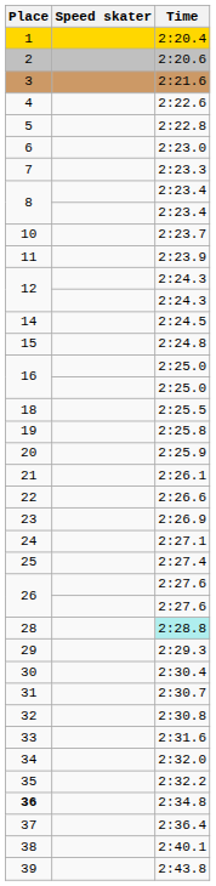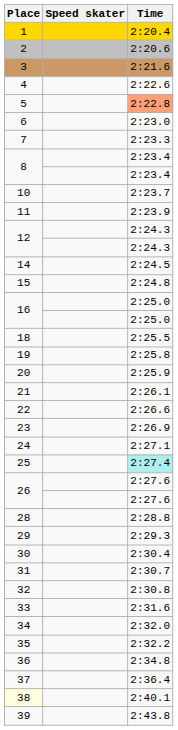 <table class="wikitable" style="text-align:center">
 <tr>
 <th>Place</th>
 <th>Speed skater</th>
 <th>Time</th>
 </tr>
 <tr bgcolor=gold>
 <td>1</td>
 <td align=left></td>
 <td>2:20.4</td>
 </tr>
 <tr bgcolor=silver>
 <td>2</td>
 <td align=left></td>
 <td>2:20.6</td>
 </tr>
 <tr bgcolor=cc9966>
 <td>3</td>
 <td align=left></td>
 <td>2:21.6</td>
 </tr>
 <tr>
 <td>4</td>
 <td align=left></td>
 <td>2:22.6</td>
 </tr>
 <tr>
 <td>5</td>
 <td align=left></td>
-<td>2:22.8</td>
+<td style="background: lightsalmon;">2:22.8</td>
 </tr>
 <tr>
 <td>6</td>
 <td align=left></td>
 <td>2:23.0</td>
 </tr>
 <tr>
 <td>7</td>
 <td align=left></td>
 <td>2:23.3</td>
 </tr>
 <tr>
 <td rowspan=2>8</td>
 <td align=left></td>
 <td>2:23.4</td>
 </tr>
 <tr>
 <td align=left></td>
 <td>2:23.4</td>
 </tr>
 <tr>
 <td>10</td>
 <td align=left></td>
 <td>2:23.7</td>
 </tr>
 <tr>
 <td>11</td>
 <td align=left></td>
 <td>2:23.9</td>
 </tr>
 <tr>
 <td rowspan=2>12</td>
 <td align=left></td>
 <td>2:24.3</td>
 </tr>
 <tr>
 <td align=left></td>
 <td>2:24.3</td>
 </tr>
 <tr>
 <td>14</td>
 <td align=left></td>
 <td>2:24.5</td>
 </tr>
 <tr>
 <td>15</td>
 <td align=left></td>
 <td>2:24.8</td>
 </tr>
 <tr>
 <td rowspan=2>16</td>
 <td align=left></td>
 <td>2:25.0</td>
 </tr>
 <tr>
 <td align=left></td>
 <td>2:25.0</td>
 </tr>
 <tr>
 <td>18</td>
 <td align=left></td>
 <td>2:25.5</td>
 </tr>
 <tr>
 <td>19</td>
 <td align=left></td>
 <td>2:25.8</td>
 </tr>
 <tr>
 <td>20</td>
 <td align=left></td>
 <td>2:25.9</td>
 </tr>
 <tr>
 <td>21</td>
 <td align=left></td>
 <td>2:26.1</td>
 </tr>
 <tr>
 <td>22</td>
 <td align=left></td>
 <td>2:26.6</td>
 </tr>
 <tr>
 <td>23</td>
 <td align=left></td>
 <td>2:26.9</td>
 </tr>
 <tr>
 <td>24</td>
 <td align=left></td>
 <td>2:27.1</td>
 </tr>
 <tr>
 <td>25</td>
 <td align=left></td>
-<td>2:27.4</td>
+<td style="background: paleturquoise;">2:27.4</td>
 </tr>
 <tr>
 <td rowspan=2>26</td>
 <td align=left></td>
 <td>2:27.6</td>
 </tr>
 <tr>
 <td align=left></td>
 <td>2:27.6</td>
 </tr>
 <tr>
 <td>28</td>
 <td align=left></td>
-<td style="background: paleturquoise;">2:28.8</td>
+<td>2:28.8</td>
 </tr>
 <tr>
 <td>29</td>
 <td align=left></td>
 <td>2:29.3</td>
 </tr>
 <tr>
 <td>30</td>
 <td align=left></td>
 <td>2:30.4</td>
 </tr>
 <tr>
 <td>31</td>
 <td align=left></td>
 <td>2:30.7</td>
 </tr>
 <tr>
 <td>32</td>
 <td align=left></td>
 <td>2:30.8</td>
 </tr>
 <tr>
 <td>33</td>
 <td align=left></td>
 <td>2:31.6</td>
 </tr>
 <tr>
 <td>34</td>
 <td align=left></td>
 <td>2:32.0</td>
 </tr>
 <tr>
 <td>35</td>
 <td align=left></td>
 <td>2:32.2</td>
 </tr>
 <tr>
-<td><strong>36</strong></td>
+<td>36</td>
 <td align=left></td>
 <td>2:34.8</td>
 </tr>
 <tr>
 <td>37</td>
 <td align=left></td>
 <td>2:36.4</td>
 </tr>
 <tr>
-<td>38</td>
+<td style="background: lightyellow;">38</td>
 <td align=left></td>
 <td>2:40.1</td>
 </tr>
 <tr>
 <td>39</td>
 <td align=left></td>
 <td>2:43.8</td>
 </tr>
 </table>
